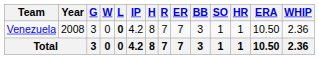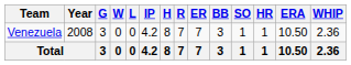 <table class="wikitable sortable" style="text-align:center">
 <tr>
 <th>Team</th>
 <th>Year</th>
 <th><a href='#'>G</a></th>
 <th><a href='#'>W</a></th>
 <th><a href='#'>L</a></th>
 <th><a href='#'>IP</a></th>
 <th><a href='#'>H</a></th>
 <th><a href='#'>R</a></th>
 <th><a href='#'>ER</a></th>
 <th><a href='#'>BB</a></th>
 <th><a href='#'>SO</a></th>
 <th><a href='#'>HR</a></th>
 <th><a href='#'>ERA</a></th>
 <th><a href='#'>WHIP</a></th>
 </tr>
 <tr>
 <td><a href='#'>Venezuela</a></td>
 <td>2008</td>
 <td>3</td>
 <td>0</td>
-<td><strong>0</strong></td>
+<td>0</td>
 <td>4.2</td>
 <td>8</td>
 <td>7</td>
 <td>7</td>
 <td>3</td>
 <td>1</td>
 <td>1</td>
 <td>10.50</td>
 <td>2.36</td>
 </tr>
 <tr>
 <th colspan=2>Total</th>
 <th>3</th>
 <th>0</th>
 <th>0</th>
 <th>4.2</th>
 <th>8</th>
 <th>7</th>
 <th>7</th>
 <th>3</th>
 <th>1</th>
 <th>1</th>
 <th>10.50</th>
 <th>2.36</th>
 </tr>
 </table>
